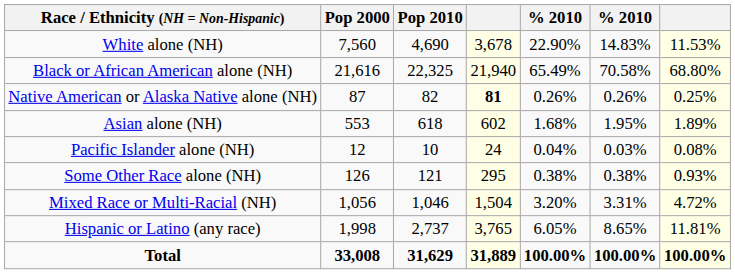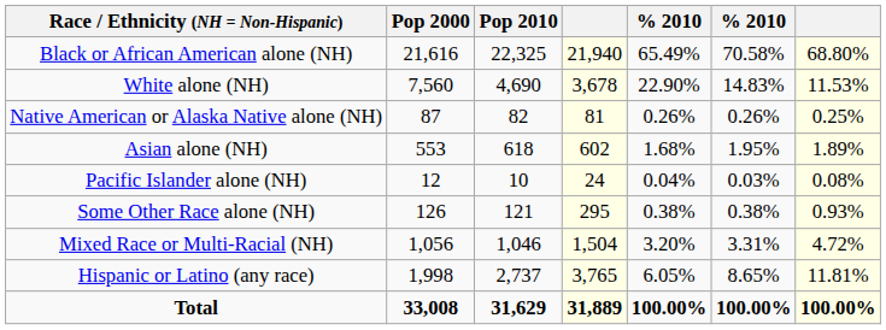 <table class="wikitable" style="text-align:center;">
 <tr>
 <th>Race / Ethnicity <small>(<em>NH = Non-Hispanic</em>)</small></th>
 <th>Pop 2000</th>
 <th>Pop 2010</th>
 <th></th>
 <th>% 2010</th>
 <th>% 2010</th>
 <th></th>
 </tr>
 <tr>
+<td><a href='#'>Black or African American</a> alone (NH)</td>
+<td>21,616</td>
+<td>22,325</td>
+<td style='background: #ffffe6;'>21,940</td>
+<td>65.49%</td>
+<td>70.58%</td>
+<td style='background: #ffffe6;'>68.80%</td>
+</tr>
+<tr>
 <td><a href='#'>White</a> alone (NH)</td>
 <td>7,560</td>
 <td>4,690</td>
 <td style='background: #ffffe6;'>3,678</td>
 <td>22.90%</td>
 <td>14.83%</td>
 <td style='background: #ffffe6;'>11.53%</td>
 </tr>
 <tr>
-<td><a href='#'>Black or African American</a> alone (NH)</td>
-<td>21,616</td>
-<td>22,325</td>
-<td style='background: #ffffe6;'>21,940</td>
-<td>65.49%</td>
-<td>70.58%</td>
-<td style='background: #ffffe6;'>68.80%</td>
-</tr>
-<tr>
 <td><a href='#'>Native American</a> or <a href='#'>Alaska Native</a> alone (NH)</td>
 <td>87</td>
 <td>82</td>
-<td style='background: #ffffe6;'><strong>81</strong></td>
+<td style='background: #ffffe6;'>81</td>
 <td>0.26%</td>
 <td>0.26%</td>
 <td style='background: #ffffe6;'>0.25%</td>
 </tr>
 <tr>
 <td><a href='#'>Asian</a> alone (NH)</td>
 <td>553</td>
 <td>618</td>
 <td style='background: #ffffe6;'>602</td>
 <td>1.68%</td>
 <td>1.95%</td>
 <td style='background: #ffffe6;'>1.89%</td>
 </tr>
 <tr>
 <td><a href='#'>Pacific Islander</a> alone (NH)</td>
 <td>12</td>
 <td>10</td>
 <td style='background: #ffffe6;'>24</td>
 <td>0.04%</td>
 <td>0.03%</td>
 <td style='background: #ffffe6;'>0.08%</td>
 </tr>
 <tr>
 <td><a href='#'>Some Other Race</a> alone (NH)</td>
 <td>126</td>
 <td>121</td>
 <td style='background: #ffffe6;'>295</td>
 <td>0.38%</td>
 <td>0.38%</td>
 <td style='background: #ffffe6;'>0.93%</td>
 </tr>
 <tr>
 <td><a href='#'>Mixed Race or Multi-Racial</a> (NH)</td>
 <td>1,056</td>
 <td>1,046</td>
 <td style='background: #ffffe6;'>1,504</td>
 <td>3.20%</td>
 <td>3.31%</td>
 <td style='background: #ffffe6;'>4.72%</td>
 </tr>
 <tr>
 <td><a href='#'>Hispanic or Latino</a> (any race)</td>
 <td>1,998</td>
 <td>2,737</td>
 <td style='background: #ffffe6;'>3,765</td>
 <td>6.05%</td>
 <td>8.65%</td>
 <td style='background: #ffffe6;'>11.81%</td>
 </tr>
 <tr>
 <td><strong>Total</strong></td>
 <td><strong>33,008</strong></td>
 <td><strong>31,629</strong></td>
 <td style='background: #ffffe6;'><strong>31,889</strong></td>
 <td><strong>100.00%</strong></td>
 <td><strong>100.00%</strong></td>
 <td style='background: #ffffe6;'><strong>100.00%</strong></td>
 </tr>
 </table>
